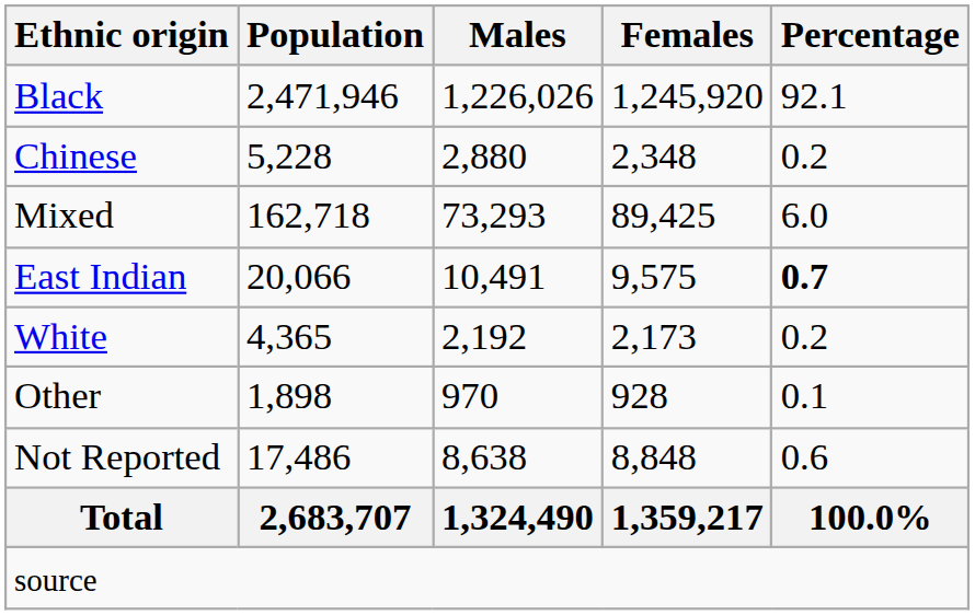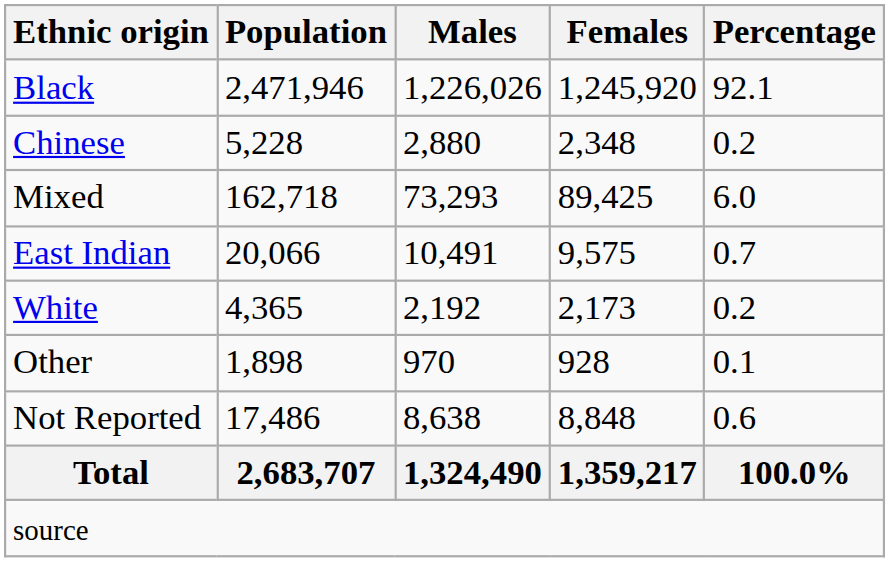 <table class="wikitable sortable" style="text-align:left">
 <tr>
 <th colspan="2">Ethnic origin</th>
 <th>Population</th>
 <th>Males</th>
 <th>Females</th>
 <th>Percentage</th>
 </tr>
 <tr>
 <td colspan="2"><a href='#'>Black</a></td>
 <td>2,471,946</td>
 <td>1,226,026</td>
 <td>1,245,920</td>
 <td>92.1</td>
 </tr>
 <tr>
 <td colspan="2"><a href='#'>Chinese</a></td>
 <td>5,228</td>
 <td>2,880</td>
 <td>2,348</td>
 <td>0.2</td>
 </tr>
 <tr>
 <td colspan="2">Mixed</td>
 <td>162,718</td>
 <td>73,293</td>
 <td>89,425</td>
 <td>6.0</td>
 </tr>
 <tr>
 <td colspan="2"><a href='#'>East Indian</a></td>
 <td>20,066</td>
 <td>10,491</td>
 <td>9,575</td>
-<td><strong>0.7</strong></td>
+<td>0.7</td>
 </tr>
 <tr>
 <td colspan="2"><a href='#'>White</a></td>
 <td>4,365</td>
 <td>2,192</td>
 <td>2,173</td>
 <td>0.2</td>
 </tr>
 <tr>
 <td colspan="2">Other</td>
 <td>1,898</td>
 <td>970</td>
 <td>928</td>
 <td>0.1</td>
 </tr>
 <tr>
 <td colspan="2">Not Reported</td>
 <td>17,486</td>
 <td>8,638</td>
 <td>8,848</td>
 <td>0.6</td>
 </tr>
 <tr>
 <th colspan="2">Total</th>
 <th>2,683,707</th>
 <th>1,324,490</th>
 <th>1,359,217</th>
 <th>100.0%</th>
 </tr>
 <tr>
 <td colspan="6" style="text-align:left;"><small>source</small></td>
 </tr>
 </table>
